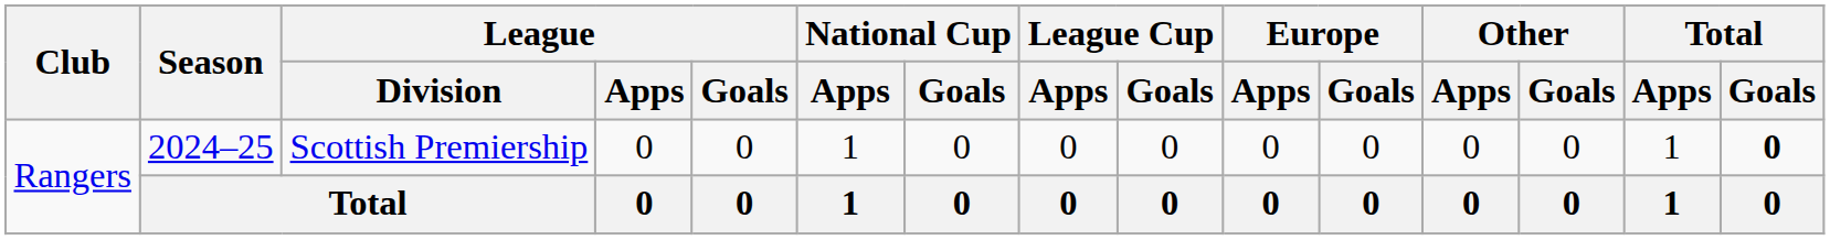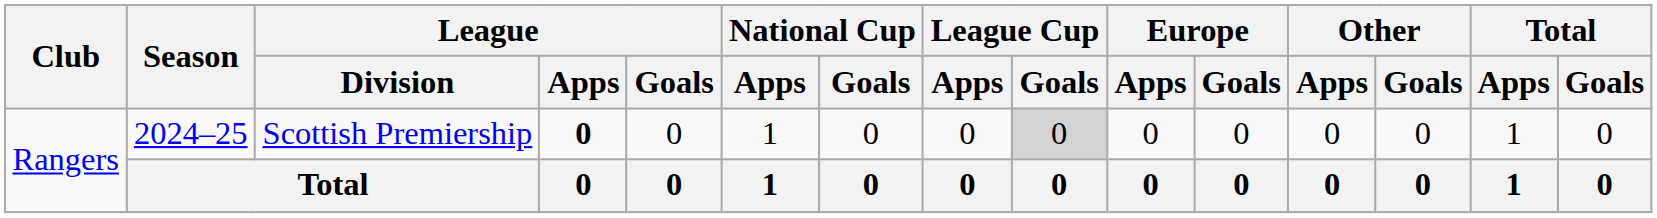 <table class="wikitable" style="text-align:center">
 <tr>
 <th rowspan="2">Club</th>
 <th rowspan="2">Season</th>
 <th colspan="3">League</th>
 <th colspan="2">National Cup</th>
 <th colspan="2">League Cup</th>
 <th colspan="2">Europe</th>
 <th colspan="2">Other</th>
 <th colspan="2">Total</th>
 </tr>
 <tr>
 <th>Division</th>
 <th>Apps</th>
 <th>Goals</th>
 <th>Apps</th>
 <th>Goals</th>
 <th>Apps</th>
 <th>Goals</th>
 <th>Apps</th>
 <th>Goals</th>
 <th>Apps</th>
 <th>Goals</th>
 <th>Apps</th>
 <th>Goals</th>
 </tr>
 <tr>
 <td rowspan="2"><a href='#'>Rangers</a></td>
 <td><a href='#'>2024–25</a></td>
 <td><a href='#'>Scottish Premiership</a></td>
-<td>0</td>
+<td><strong>0</strong></td>
 <td>0</td>
 <td>1</td>
 <td>0</td>
 <td>0</td>
-<td>0</td>
+<td style="background: lightgrey;">0</td>
 <td 0>0</td>
 <td 0>0</td>
 <td>0</td>
 <td>0</td>
 <td>1</td>
-<td><strong>0</strong></td>
+<td>0</td>
 </tr>
 <tr>
 <th colspan="2">Total</th>
 <th>0</th>
 <th>0</th>
 <th>1</th>
 <th>0</th>
 <th>0</th>
 <th>0</th>
 <th 0>0</th>
 <th 0>0</th>
 <th>0</th>
 <th>0</th>
 <th>1</th>
 <th>0</th>
 </tr>
 </table>
